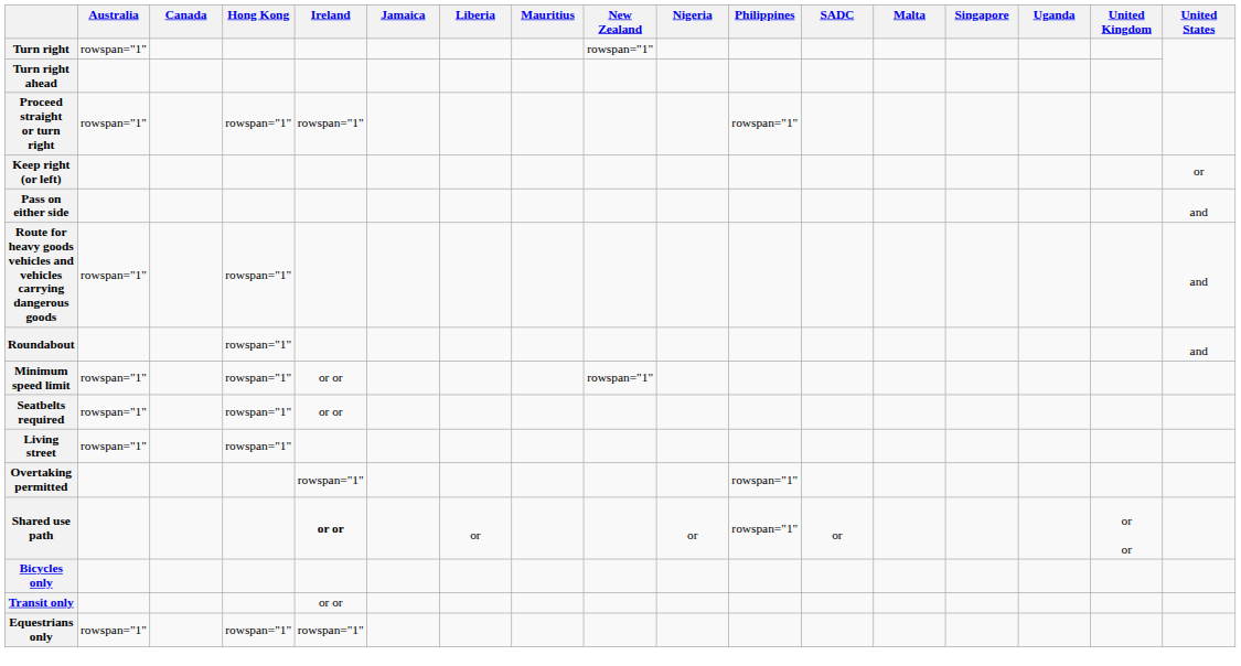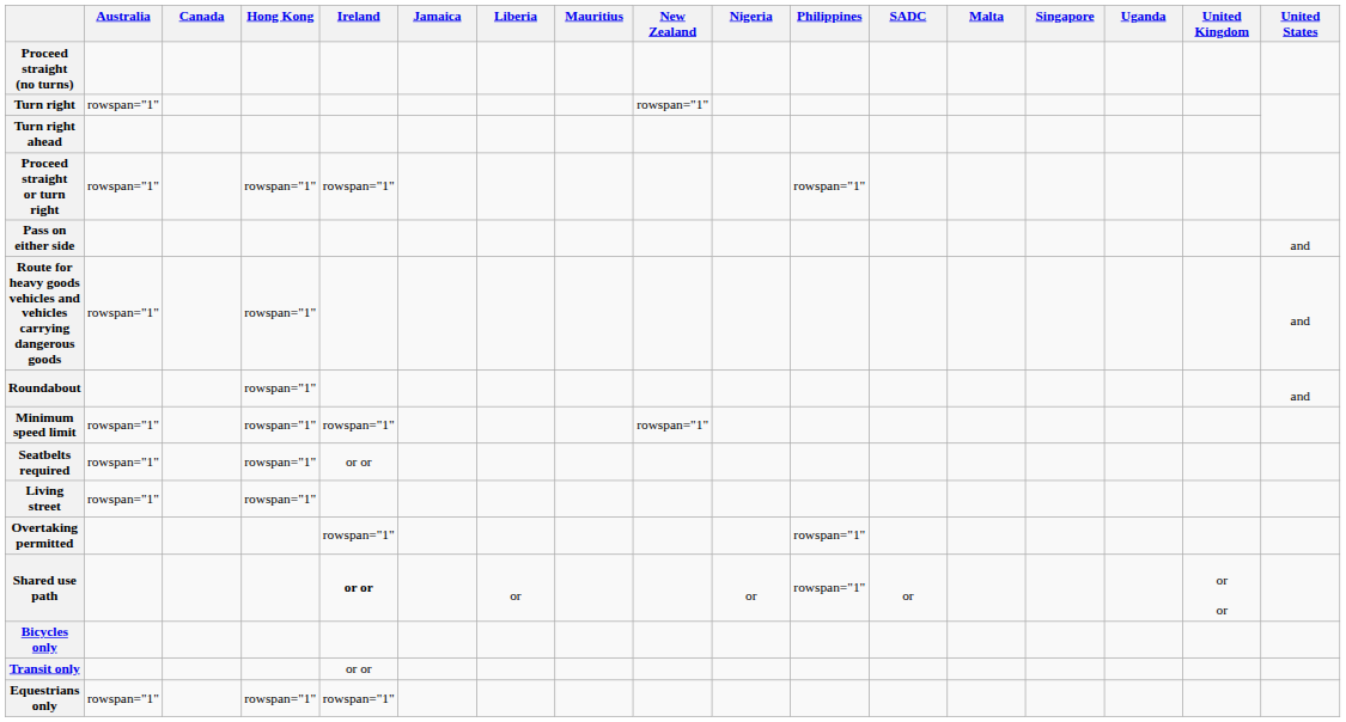 <table class="wikitable" style="text-align: center;">
 <tr>
 <th width="85" style="vertical-align: top;" scope="col"> </th>
 <th width="85" style="vertical-align: top;" scope="col"><a href='#'>Australia</a></th>
 <th width="85" style="vertical-align: top;" scope="col"><a href='#'>Canada</a></th>
 <th width="85" style="vertical-align: top;" scope="col"><a href='#'>Hong Kong</a></th>
 <th width="85" style="vertical-align: top;" scope="col"><a href='#'>Ireland</a></th>
 <th width="85" style="vertical-align: top;" scope="col"><a href='#'>Jamaica</a></th>
 <th width="85" style="vertical-align: top;" scope="col"><a href='#'>Liberia</a></th>
 <th width="85" style="vertical-align: top;" scope="col"><a href='#'>Mauritius</a></th>
 <th width="85" style="vertical-align: top;" scope="col"><a href='#'>New Zealand</a></th>
 <th width="85" style="vertical-align: top;" scope="col"><a href='#'>Nigeria</a></th>
 <th width="85" style="vertical-align: top;" scope="col"><a href='#'>Philippines</a></th>
 <th width="85" style="vertical-align: top;" scope="col"><a href='#'>SADC</a></th>
 <th width="85" style="vertical-align: top;" scope="col"><a href='#'>Malta</a></th>
 <th width="85" style="vertical-align: top;" scope="col"><a href='#'>Singapore</a></th>
 <th width="85" style="vertical-align: top;" scope="col"><a href='#'>Uganda</a></th>
 <th width="85" style="vertical-align: top;" scope="col"><a href='#'>United Kingdom</a></th>
 <th width="85" style="vertical-align: top;" scope="col"><a href='#'>United States</a></th>
+</tr>
+<tr>
+<th>Proceed<br>straight<br>(no turns)</th>
+<td></td>
+<td></td>
+<td></td>
+<td></td>
+<td></td>
+<td></td>
+<td></td>
+<td></td>
+<td></td>
+<td></td>
+<td></td>
+<td></td>
+<td></td>
+<td></td>
+<td></td>
+<td></td>
 </tr>
 <tr>
 <th>Turn right</th>
 <td>rowspan="1" </td>
 <td></td>
 <td></td>
 <td></td>
 <td></td>
 <td></td>
 <td></td>
 <td>rowspan="1" </td>
 <td></td>
 <td></td>
 <td></td>
 <td></td>
 <td></td>
 <td></td>
 <td></td>
 <td rowspan="2"></td>
 </tr>
 <tr>
 <th>Turn right<br>ahead</th>
 <td></td>
 <td></td>
 <td></td>
 <td></td>
 <td></td>
 <td></td>
 <td></td>
 <td></td>
 <td></td>
 <td></td>
 <td></td>
 <td></td>
 <td></td>
 <td></td>
 <td></td>
 </tr>
 <tr>
 <th>Proceed<br>straight<br>or turn right</th>
 <td>rowspan="1" </td>
 <td></td>
 <td>rowspan="1" </td>
 <td>rowspan="1" </td>
 <td></td>
 <td></td>
 <td></td>
 <td></td>
 <td></td>
 <td>rowspan="1" </td>
 <td></td>
 <td></td>
 <td></td>
 <td></td>
 <td></td>
 <td></td>
-</tr>
-<tr>
-<th>Keep right<br>(or left)</th>
-<td></td>
-<td></td>
-<td></td>
-<td></td>
-<td></td>
-<td></td>
-<td></td>
-<td></td>
-<td></td>
-<td></td>
-<td></td>
-<td></td>
-<td></td>
-<td></td>
-<td></td>
-<td> or </td>
 </tr>
 <tr>
 <th>Pass on<br>either side</th>
 <td></td>
 <td></td>
 <td></td>
 <td></td>
 <td></td>
 <td></td>
 <td></td>
 <td></td>
 <td></td>
 <td></td>
 <td></td>
 <td></td>
 <td></td>
 <td></td>
 <td></td>
 <td><br>and<br></td>
 </tr>
 <tr>
 <th>Route for heavy goods vehicles and vehicles carrying dangerous goods</th>
 <td>rowspan="1" </td>
 <td></td>
 <td>rowspan="1" </td>
 <td></td>
 <td></td>
 <td></td>
 <td></td>
 <td></td>
 <td></td>
 <td></td>
 <td></td>
 <td></td>
 <td></td>
 <td></td>
 <td></td>
 <td><br>and<br></td>
 </tr>
 <tr>
 <th>Roundabout</th>
 <td></td>
 <td></td>
 <td>rowspan="1" </td>
 <td></td>
 <td></td>
 <td></td>
 <td></td>
 <td></td>
 <td></td>
 <td></td>
 <td></td>
 <td></td>
 <td></td>
 <td></td>
 <td></td>
 <td><br>and<br></td>
 </tr>
 <tr>
 <th>Minimum speed limit</th>
 <td>rowspan="1" </td>
 <td></td>
 <td>rowspan="1" </td>
-<td> or  or </td>
+<td>rowspan="1" </td>
 <td></td>
 <td></td>
 <td></td>
 <td>rowspan="1" </td>
 <td></td>
 <td></td>
 <td></td>
 <td></td>
 <td></td>
 <td></td>
 <td></td>
 <td></td>
 </tr>
 <tr>
 <th>Seatbelts required</th>
 <td>rowspan="1" </td>
 <td></td>
 <td>rowspan="1" </td>
 <td> or  or </td>
 <td></td>
 <td></td>
 <td></td>
 <td></td>
 <td></td>
 <td></td>
 <td></td>
 <td></td>
 <td></td>
 <td></td>
 <td></td>
 <td></td>
 </tr>
 <tr>
 <th>Living street</th>
 <td>rowspan="1" </td>
 <td></td>
 <td>rowspan="1" </td>
 <td></td>
 <td></td>
 <td></td>
 <td></td>
 <td></td>
 <td></td>
 <td></td>
 <td></td>
 <td></td>
 <td></td>
 <td></td>
 <td></td>
 <td></td>
 </tr>
 <tr>
 <th>Overtaking<br>permitted<br></th>
 <td></td>
 <td></td>
 <td><br></td>
 <td>rowspan="1" </td>
 <td></td>
 <td></td>
 <td></td>
 <td></td>
 <td></td>
 <td>rowspan="1" </td>
 <td></td>
 <td></td>
 <td></td>
 <td></td>
 <td><br></td>
 <td></td>
 </tr>
 <tr>
 <th>Shared use path</th>
 <td></td>
 <td></td>
 <td></td>
 <td><strong> or  or </strong></td>
 <td></td>
 <td><br>or<br></td>
 <td></td>
 <td></td>
 <td><br>or<br></td>
 <td>rowspan="1" </td>
 <td><br>or<br></td>
 <td></td>
 <td></td>
 <td></td>
 <td><br>or<br><br>or<br></td>
 <td></td>
 </tr>
 <tr>
 <th><a href='#'>Bicycles only</a></th>
 <td></td>
 <td></td>
 <td></td>
 <td></td>
 <td></td>
 <td></td>
 <td></td>
 <td></td>
 <td></td>
 <td></td>
 <td></td>
 <td></td>
 <td></td>
 <td></td>
 <td></td>
 <td></td>
 </tr>
 <tr>
 <th><a href='#'>Transit only</a></th>
 <td></td>
 <td></td>
 <td></td>
 <td> or  or </td>
 <td></td>
 <td></td>
 <td></td>
 <td></td>
 <td></td>
 <td></td>
 <td></td>
 <td></td>
 <td></td>
 <td></td>
 <td></td>
 <td></td>
 </tr>
 <tr>
 <th>Equestrians only</th>
 <td>rowspan="1" </td>
 <td></td>
 <td>rowspan="1" </td>
 <td>rowspan="1" </td>
 <td></td>
 <td></td>
 <td></td>
 <td></td>
 <td></td>
 <td></td>
 <td></td>
 <td></td>
 <td></td>
 <td></td>
 <td></td>
 <td></td>
 </tr>
 </table>
